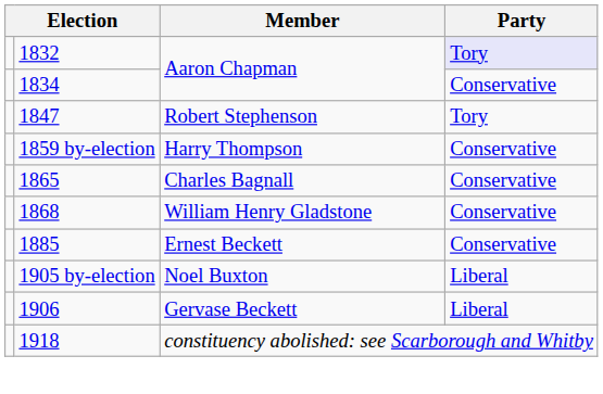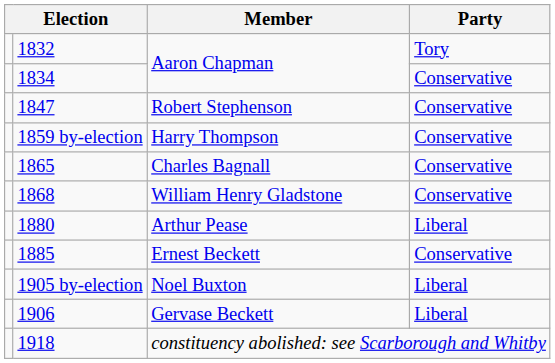 <table class="wikitable">
 <tr>
 <th colspan="2">Election</th>
 <th>Member</th>
 <th>Party</th>
 </tr>
 <tr>
 <td style="color:inherit;background-color: "></td>
 <td><a href='#'>1832</a></td>
 <td rowspan="2"><a href='#'>Aaron Chapman</a></td>
-<td style="background: lavender;"><a href='#'>Tory</a></td>
+<td><a href='#'>Tory</a></td>
 </tr>
 <tr>
 <td style="color:inherit;background-color: "></td>
 <td><a href='#'>1834</a></td>
 <td><a href='#'>Conservative</a></td>
 </tr>
 <tr>
 <td style="color:inherit;background-color: "></td>
 <td><a href='#'>1847</a></td>
 <td><a href='#'>Robert Stephenson</a></td>
-<td><a href='#'>Tory</a></td>
+<td><a href='#'>Conservative</a></td>
 </tr>
 <tr>
 <td style="color:inherit;background-color: "></td>
 <td><a href='#'>1859 by-election</a></td>
 <td><a href='#'>Harry Thompson</a></td>
 <td><a href='#'>Conservative</a></td>
 </tr>
 <tr>
 <td style="color:inherit;background-color: "></td>
 <td><a href='#'>1865</a></td>
 <td><a href='#'>Charles Bagnall</a></td>
 <td><a href='#'>Conservative</a></td>
 </tr>
 <tr>
 <td style="color:inherit;background-color: "></td>
 <td><a href='#'>1868</a></td>
 <td><a href='#'>William Henry Gladstone</a></td>
 <td><a href='#'>Conservative</a></td>
+</tr>
+<tr>
+<td style="color:inherit;background-color: "></td>
+<td><a href='#'>1880</a></td>
+<td><a href='#'>Arthur Pease</a></td>
+<td><a href='#'>Liberal</a></td>
 </tr>
 <tr>
 <td style="color:inherit;background-color: "></td>
 <td><a href='#'>1885</a></td>
 <td><a href='#'>Ernest Beckett</a></td>
 <td><a href='#'>Conservative</a></td>
 </tr>
 <tr>
 <td style="color:inherit;background-color: "></td>
 <td><a href='#'>1905 by-election</a></td>
 <td><a href='#'>Noel Buxton</a></td>
 <td><a href='#'>Liberal</a></td>
 </tr>
 <tr>
 <td style="color:inherit;background-color: "></td>
 <td><a href='#'>1906</a></td>
 <td><a href='#'>Gervase Beckett</a></td>
 <td><a href='#'>Liberal</a></td>
 </tr>
 <tr>
 <td></td>
 <td><a href='#'>1918</a></td>
 <td colspan="2"><em>constituency abolished: see <a href='#'>Scarborough and Whitby</a></em></td>
 </tr>
 </table>
